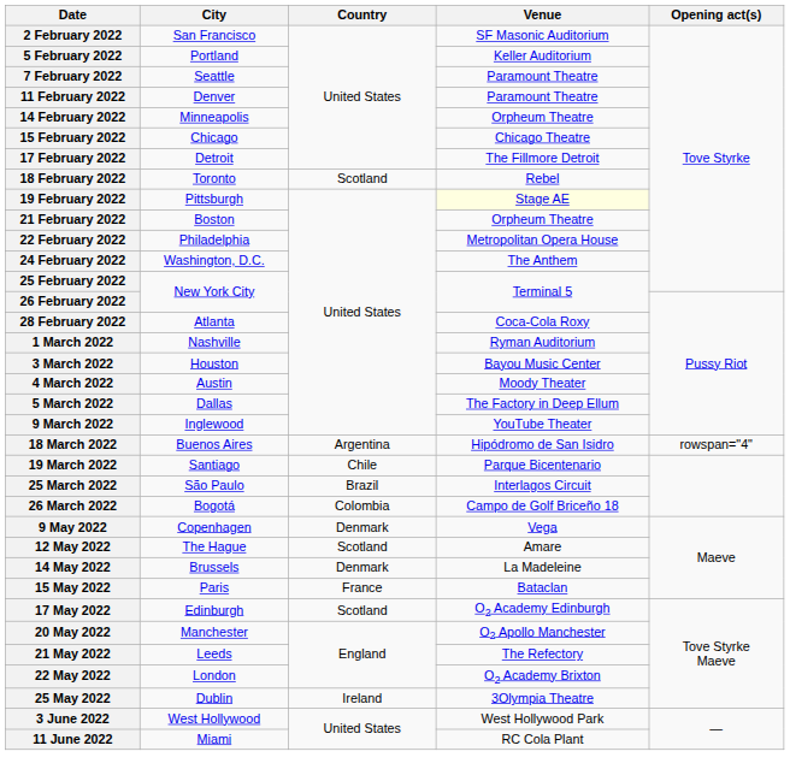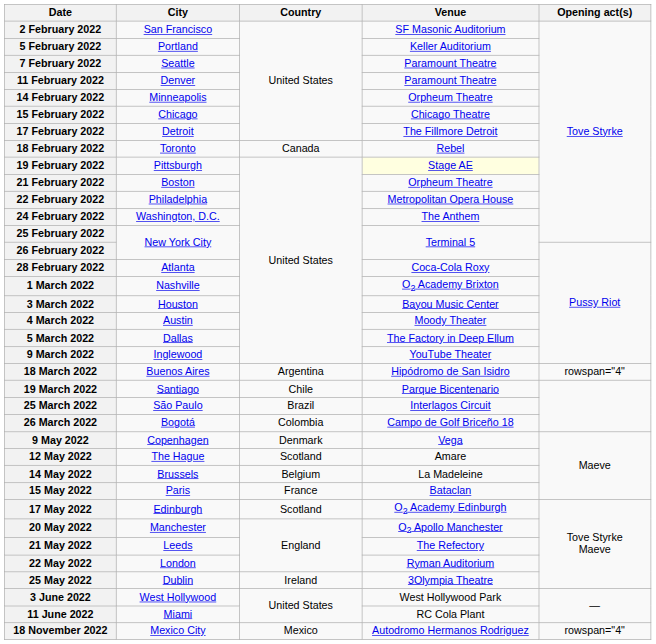 <table class="wikitable plainrowheaders" style="text-align:center;">
 <tr>
 <th scope="col" style="width:10em;">Date</th>
 <th scope="col" style="width:11em;">City</th>
 <th scope="col" style="width:11em;">Country</th>
 <th scope="col" style="width:16em;">Venue</th>
 <th scope="col" style="width:10em;">Opening act(s)</th>
 </tr>
 <tr>
 <th scope="row">2 February 2022</th>
 <td><a href='#'>San Francisco</a></td>
 <td rowspan="7">United States</td>
 <td><a href='#'>SF Masonic Auditorium</a></td>
 <td rowspan="13"><a href='#'>Tove Styrke</a></td>
 </tr>
 <tr>
 <th scope="row">5 February 2022</th>
 <td><a href='#'>Portland</a></td>
 <td><a href='#'>Keller Auditorium</a></td>
 </tr>
 <tr>
 <th scope="row">7 February 2022</th>
 <td><a href='#'>Seattle</a></td>
 <td><a href='#'>Paramount Theatre</a></td>
 </tr>
 <tr>
 <th scope="row">11 February 2022</th>
 <td><a href='#'>Denver</a></td>
 <td><a href='#'>Paramount Theatre</a></td>
 </tr>
 <tr>
 <th scope="row">14 February 2022</th>
 <td><a href='#'>Minneapolis</a></td>
 <td><a href='#'>Orpheum Theatre</a></td>
 </tr>
 <tr>
 <th scope="row">15 February 2022</th>
 <td><a href='#'>Chicago</a></td>
 <td><a href='#'>Chicago Theatre</a></td>
 </tr>
 <tr>
 <th scope="row">17 February 2022</th>
 <td><a href='#'>Detroit</a></td>
 <td><a href='#'>The Fillmore Detroit</a></td>
 </tr>
 <tr>
 <th scope="row">18 February 2022</th>
 <td><a href='#'>Toronto</a></td>
-<td>Scotland</td>
+<td>Canada</td>
 <td><a href='#'>Rebel</a></td>
 </tr>
 <tr>
 <th scope="row">19 February 2022</th>
 <td><a href='#'>Pittsburgh</a></td>
 <td rowspan="12">United States</td>
 <td style="background: lightyellow;"><a href='#'>Stage AE</a></td>
 </tr>
 <tr>
 <th scope="row">21 February 2022</th>
 <td><a href='#'>Boston</a></td>
 <td><a href='#'>Orpheum Theatre</a></td>
 </tr>
 <tr>
 <th scope="row">22 February 2022</th>
 <td><a href='#'>Philadelphia</a></td>
 <td><a href='#'>Metropolitan Opera House</a></td>
 </tr>
 <tr>
 <th scope="row">24 February 2022</th>
 <td><a href='#'>Washington, D.C.</a></td>
 <td><a href='#'>The Anthem</a></td>
 </tr>
 <tr>
 <th scope="row">25 February 2022</th>
 <td rowspan="2"><a href='#'>New York City</a></td>
 <td rowspan="2"><a href='#'>Terminal 5</a></td>
 </tr>
 <tr>
 <th scope="row">26 February 2022</th>
 <td rowspan="7"><a href='#'>Pussy Riot</a></td>
 </tr>
 <tr>
 <th scope="row">28 February 2022</th>
 <td><a href='#'>Atlanta</a></td>
 <td><a href='#'>Coca-Cola Roxy</a></td>
 </tr>
 <tr>
 <th scope="row">1 March 2022</th>
 <td><a href='#'>Nashville</a></td>
-<td><a href='#'>Ryman Auditorium</a></td>
+<td><a href='#'>O<sub>2</sub> Academy Brixton</a></td>
 </tr>
 <tr>
 <th scope="row">3 March 2022</th>
 <td><a href='#'>Houston</a></td>
 <td><a href='#'>Bayou Music Center</a></td>
 </tr>
 <tr>
 <th scope="row">4 March 2022</th>
 <td><a href='#'>Austin</a></td>
 <td><a href='#'>Moody Theater</a></td>
 </tr>
 <tr>
 <th scope="row">5 March 2022</th>
 <td><a href='#'>Dallas</a></td>
 <td><a href='#'>The Factory in Deep Ellum</a></td>
 </tr>
 <tr>
 <th scope="row">9 March 2022</th>
 <td><a href='#'>Inglewood</a></td>
 <td><a href='#'>YouTube Theater</a></td>
 </tr>
 <tr>
 <th scope="row">18 March 2022</th>
 <td><a href='#'>Buenos Aires</a></td>
 <td>Argentina</td>
 <td><a href='#'>Hipódromo de San Isidro</a></td>
 <td>rowspan="4" </td>
 </tr>
 <tr>
 <th scope="row">19 March 2022</th>
 <td><a href='#'>Santiago</a></td>
 <td>Chile</td>
 <td><a href='#'>Parque Bicentenario</a></td>
 </tr>
 <tr>
 <th scope="row">25 March 2022</th>
 <td><a href='#'>São Paulo</a></td>
 <td>Brazil</td>
 <td><a href='#'>Interlagos Circuit</a></td>
 </tr>
 <tr>
 <th scope="row">26 March 2022</th>
 <td><a href='#'>Bogotá</a></td>
 <td>Colombia</td>
 <td><a href='#'>Campo de Golf Briceño 18</a></td>
 </tr>
 <tr>
 <th scope="row">9 May 2022</th>
 <td><a href='#'>Copenhagen</a></td>
 <td>Denmark</td>
 <td><a href='#'>Vega</a></td>
 <td rowspan="4">Maeve</td>
 </tr>
 <tr>
 <th scope="row">12 May 2022</th>
 <td><a href='#'>The Hague</a></td>
 <td>Scotland</td>
 <td>Amare</td>
 </tr>
 <tr>
 <th scope="row">14 May 2022</th>
 <td><a href='#'>Brussels</a></td>
-<td>Denmark</td>
+<td>Belgium</td>
 <td>La Madeleine</td>
 </tr>
 <tr>
 <th scope="row">15 May 2022</th>
 <td><a href='#'>Paris</a></td>
 <td>France</td>
 <td><a href='#'>Bataclan</a></td>
 </tr>
 <tr>
 <th scope="row">17 May 2022</th>
 <td><a href='#'>Edinburgh</a></td>
 <td>Scotland</td>
 <td><a href='#'>O<sub>2</sub> Academy Edinburgh</a></td>
 <td rowspan="5">Tove Styrke <br> Maeve</td>
 </tr>
 <tr>
 <th scope="row">20 May 2022</th>
 <td><a href='#'>Manchester</a></td>
 <td rowspan="3">England</td>
 <td><a href='#'>O<sub>2</sub> Apollo Manchester</a></td>
 </tr>
 <tr>
 <th scope="row">21 May 2022</th>
 <td><a href='#'>Leeds</a></td>
 <td><a href='#'>The Refectory</a></td>
 </tr>
 <tr>
 <th scope="row">22 May 2022</th>
 <td><a href='#'>London</a></td>
-<td><a href='#'>O<sub>2</sub> Academy Brixton</a></td>
+<td><a href='#'>Ryman Auditorium</a></td>
 </tr>
 <tr>
 <th scope="row">25 May 2022</th>
 <td><a href='#'>Dublin</a></td>
 <td>Ireland</td>
 <td><a href='#'>3Olympia Theatre</a></td>
 </tr>
 <tr>
 <th scope="row">3 June 2022</th>
 <td><a href='#'>West Hollywood</a></td>
 <td rowspan="2">United States</td>
 <td>West Hollywood Park</td>
 <td rowspan="2">—</td>
 </tr>
 <tr>
 <th scope="row">11 June 2022</th>
 <td><a href='#'>Miami</a></td>
 <td>RC Cola Plant</td>
 </tr>
+<tr>
+<th scope="row">18 November 2022</th>
+<td><a href='#'>Mexico City</a></td>
+<td>Mexico</td>
+<td><a href='#'>Autodromo Hermanos Rodriguez</a></td>
+<td>rowspan="4" </td>
+</tr>
 </table>
